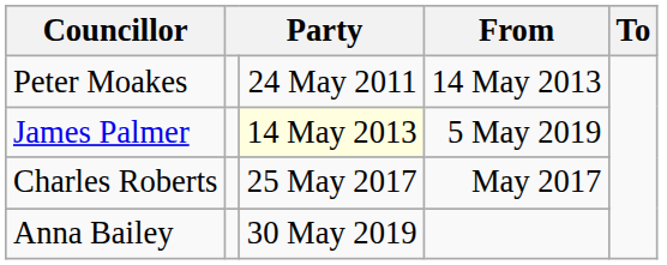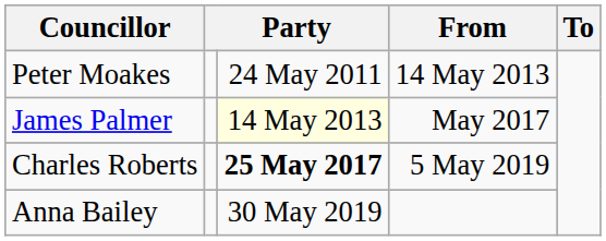 <table class=wikitable>
 <tr>
 <th>Councillor</th>
 <th colspan=2>Party</th>
 <th>From</th>
 <th>To</th>
 </tr>
 <tr>
 <td>Peter Moakes</td>
 <td></td>
 <td align=right>24 May 2011</td>
 <td align=right>14 May 2013</td>
 </tr>
 <tr>
 <td><a href='#'>James Palmer</a></td>
 <td></td>
 <td align=right style="background: lightyellow;">14 May 2013</td>
-<td align=right>5 May 2019</td>
+<td align=right>May 2017</td>
 </tr>
 <tr>
 <td>Charles Roberts</td>
 <td></td>
-<td align=right>25 May 2017</td>
-<td align=right>May 2017</td>
+<td align=right><strong>25 May 2017</strong></td>
+<td align=right>5 May 2019</td>
 </tr>
 <tr>
 <td>Anna Bailey</td>
 <td></td>
 <td align=right>30 May 2019</td>
 <td></td>
 </tr>
 </table>
